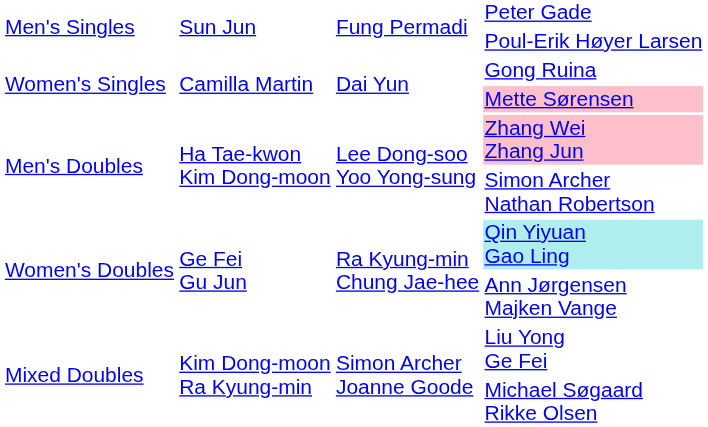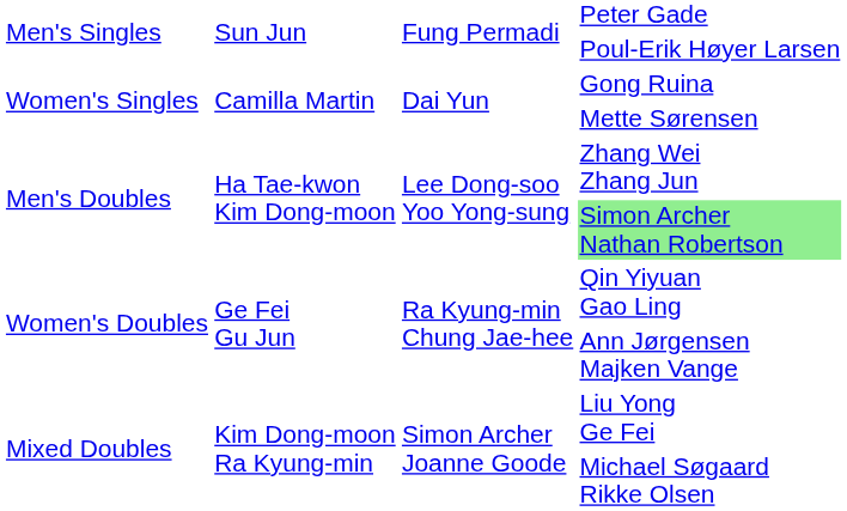 <table>
 <tr>
 <td rowspan=2><a href='#'>Men's Singles</a></td>
 <td rowspan=2> <a href='#'>Sun Jun</a></td>
 <td rowspan=2> <a href='#'>Fung Permadi</a></td>
 <td> <a href='#'>Peter Gade</a></td>
 </tr>
 <tr>
 <td> <a href='#'>Poul-Erik Høyer Larsen</a></td>
 </tr>
 <tr>
 <td rowspan=2><a href='#'>Women's Singles</a></td>
 <td rowspan=2> <a href='#'>Camilla Martin</a></td>
 <td rowspan=2> <a href='#'>Dai Yun</a></td>
 <td> <a href='#'>Gong Ruina</a></td>
 </tr>
 <tr>
-<td style="background: pink;"> <a href='#'>Mette Sørensen</a></td>
+<td> <a href='#'>Mette Sørensen</a></td>
 </tr>
 <tr>
 <td rowspan=2><a href='#'>Men's Doubles</a></td>
 <td rowspan=2> <a href='#'>Ha Tae-kwon</a><br> <a href='#'>Kim Dong-moon</a></td>
 <td rowspan=2> <a href='#'>Lee Dong-soo</a><br> <a href='#'>Yoo Yong-sung</a></td>
-<td style="background: pink;"> <a href='#'>Zhang Wei</a><br> <a href='#'>Zhang Jun</a></td>
+<td> <a href='#'>Zhang Wei</a><br> <a href='#'>Zhang Jun</a></td>
 </tr>
 <tr>
-<td> <a href='#'>Simon Archer</a><br> <a href='#'>Nathan Robertson</a></td>
+<td style="background: lightgreen;"> <a href='#'>Simon Archer</a><br> <a href='#'>Nathan Robertson</a></td>
 </tr>
 <tr>
 <td rowspan=2><a href='#'>Women's Doubles</a></td>
 <td rowspan=2> <a href='#'>Ge Fei</a><br> <a href='#'>Gu Jun</a></td>
 <td rowspan=2> <a href='#'>Ra Kyung-min</a><br> <a href='#'>Chung Jae-hee</a></td>
-<td style="background: paleturquoise;"> <a href='#'>Qin Yiyuan</a><br> <a href='#'>Gao Ling</a></td>
+<td> <a href='#'>Qin Yiyuan</a><br> <a href='#'>Gao Ling</a></td>
 </tr>
 <tr>
 <td> <a href='#'>Ann Jørgensen</a><br> <a href='#'>Majken Vange</a></td>
 </tr>
 <tr>
 <td rowspan=2><a href='#'>Mixed Doubles</a></td>
 <td rowspan=2> <a href='#'>Kim Dong-moon</a><br> <a href='#'>Ra Kyung-min</a></td>
 <td rowspan=2> <a href='#'>Simon Archer</a><br> <a href='#'>Joanne Goode</a></td>
 <td> <a href='#'>Liu Yong</a><br> <a href='#'>Ge Fei</a></td>
 </tr>
 <tr>
 <td> <a href='#'>Michael Søgaard</a><br> <a href='#'>Rikke Olsen</a></td>
 </tr>
 </table>
